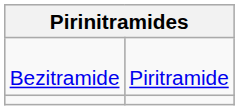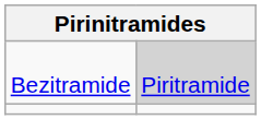 <table class="wikitable" style="font-size:smaller; text-align:center">
 <tr>
 <th colspan="5">Pirinitramides</th>
 </tr>
 <tr>
 <td><br><a href='#'>Bezitramide</a></td>
-<td><br><a href='#'>Piritramide</a></td>
+<td style="background: lightgrey;"><br><a href='#'>Piritramide</a></td>
 </tr>
 <tr>
 <td></td>
 </tr>
 </table>
